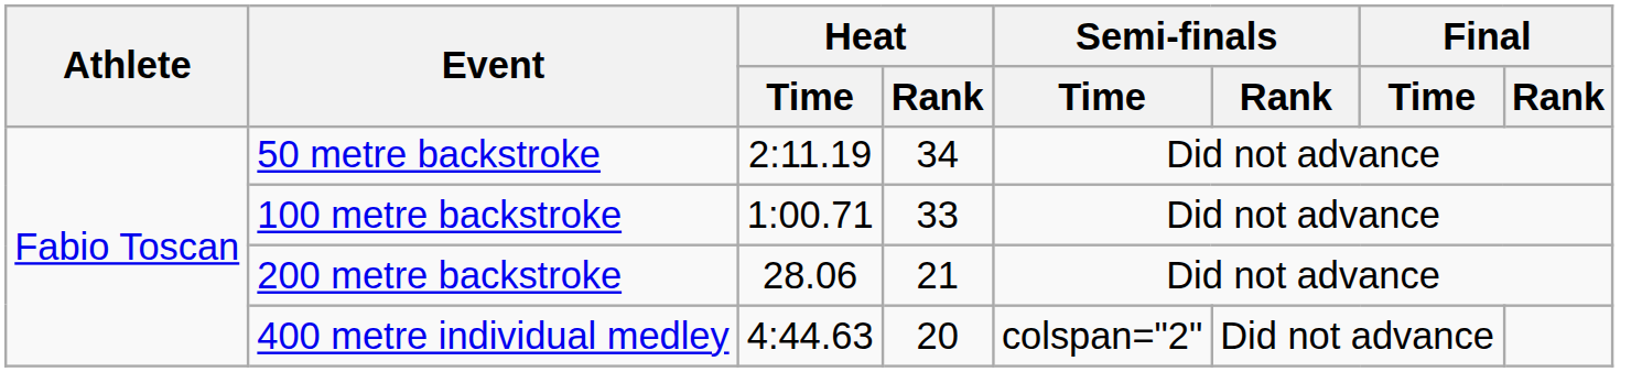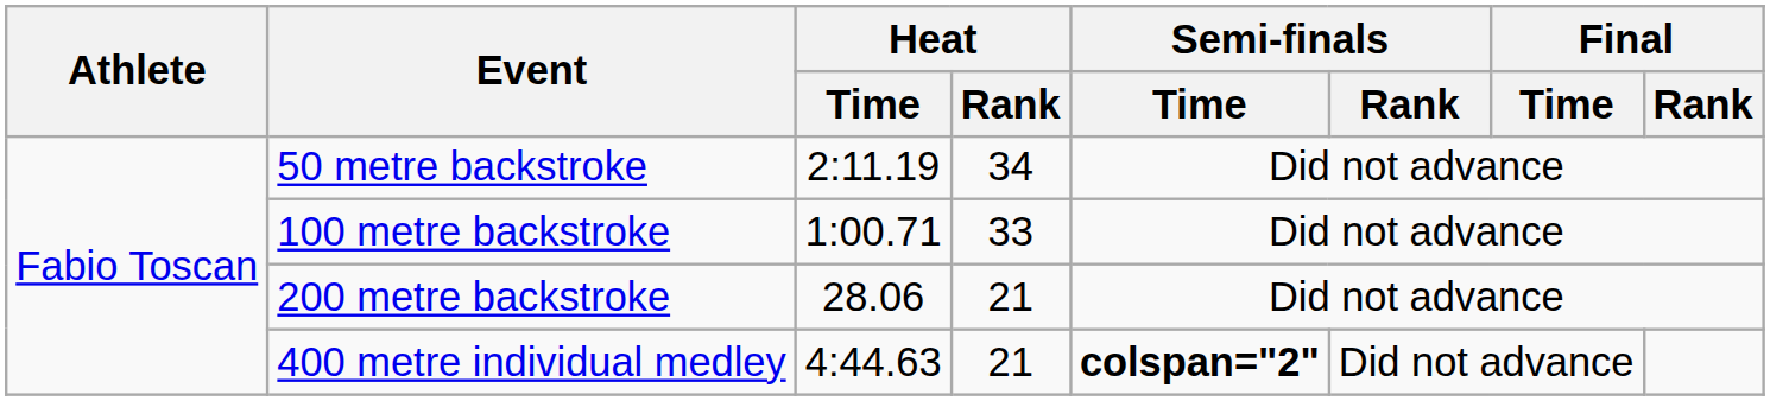 <table class="wikitable" style="font-size:90%; text-align:center">
 <tr>
 <th rowspan="2">Athlete</th>
 <th rowspan="2">Event</th>
 <th colspan="2">Heat</th>
 <th colspan="2">Semi-finals</th>
 <th colspan="2">Final</th>
 </tr>
 <tr>
 <th>Time</th>
 <th>Rank</th>
 <th>Time</th>
 <th>Rank</th>
 <th>Time</th>
 <th>Rank</th>
 </tr>
 <tr>
 <td align="left" rowspan="4"><a href='#'>Fabio Toscan</a></td>
 <td align="left"><a href='#'>50 metre backstroke</a></td>
 <td>2:11.19</td>
 <td>34</td>
 <td colspan="4">Did not advance</td>
 </tr>
 <tr>
 <td align="left"><a href='#'>100 metre backstroke</a></td>
 <td>1:00.71</td>
 <td>33</td>
 <td colspan="4">Did not advance</td>
 </tr>
 <tr>
 <td align="left"><a href='#'>200 metre backstroke</a></td>
 <td>28.06</td>
 <td>21</td>
 <td colspan="4">Did not advance</td>
 </tr>
 <tr>
 <td align="left"><a href='#'>400 metre individual medley</a></td>
 <td>4:44.63</td>
-<td>20</td>
-<td>colspan="2" </td>
+<td>21</td>
+<td><strong>colspan="2" </strong></td>
 <td colspan="2">Did not advance</td>
 </tr>
 </table>
